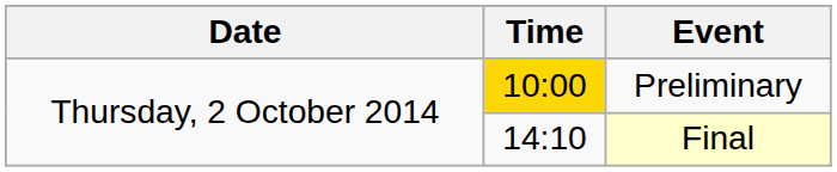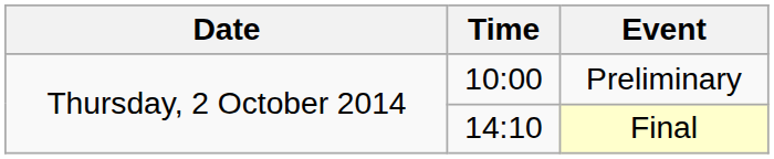 <table class = "wikitable" style="text-align:center;">
 <tr>
 <th width=220>Date</th>
 <th width=50>Time</th>
 <th width=100>Event</th>
 </tr>
 <tr>
 <td rowspan=2>Thursday, 2 October 2014</td>
-<td style="background: gold;">10:00</td>
+<td>10:00</td>
 <td>Preliminary</td>
 </tr>
 <tr>
 <td>14:10</td>
 <td bgcolor=ffffcc>Final</td>
 </tr>
 </table>
